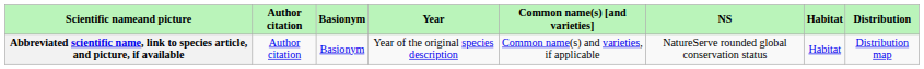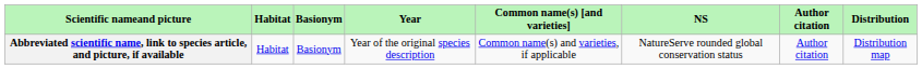 <table class="wikitable mw-collapsible" style="text-align:center;font-size: 94%;">
 <tr>
 <th scope="col" style="background-color:#baf4ba;">Scientific nameand picture</th>
-<th scope="col" style="background-color:#baf4ba;">Author citation</th>
+<th scope="col" style="background-color:#baf4ba;">Habitat</th>
 <th scope="col" style="background-color:#baf4ba;">Basionym</th>
 <th scope="col" style="background-color:#baf4ba;">Year</th>
 <th scope="col" style="background-color:#baf4ba;">Common name(s) [and varieties]</th>
 <th scope="col" style="background-color:#baf4ba;">NS</th>
-<th scope="col" style="background-color:#baf4ba;">Habitat</th>
+<th scope="col" style="background-color:#baf4ba;">Author citation</th>
 <th scope="col" style="background-color:#baf4ba;">Distribution</th>
 </tr>
 <tr>
 <th scope="row">Abbreviated <a href='#'>scientific name</a>, link to species article, and picture, if available</th>
-<td><a href='#'>Author citation</a></td>
+<td><a href='#'>Habitat</a></td>
 <td><a href='#'>Basionym</a></td>
 <td>Year of the original <a href='#'>species description</a></td>
 <td><a href='#'>Common name</a>(s) and <a href='#'>varieties</a>, if applicable</td>
 <td>NatureServe rounded global conservation status</td>
-<td><a href='#'>Habitat</a></td>
+<td><a href='#'>Author citation</a></td>
 <td><a href='#'>Distribution map</a></td>
 </tr>
 </table>
